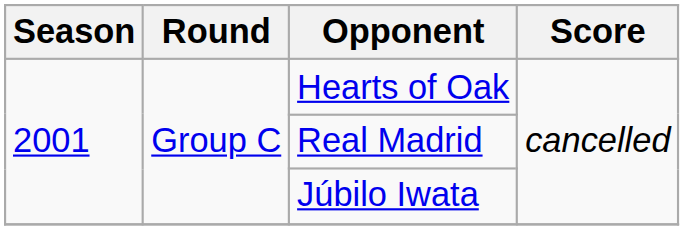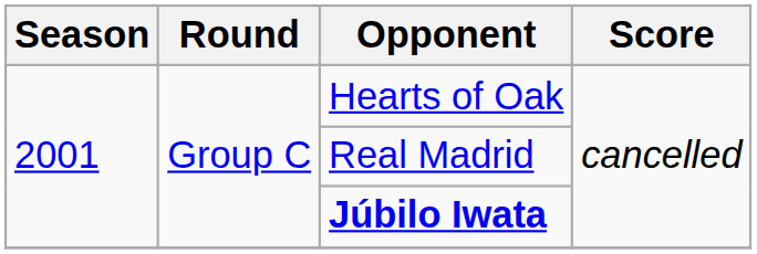 <table class="wikitable">
 <tr>
 <th>Season</th>
 <th>Round</th>
 <th>Opponent</th>
 <th>Score</th>
 </tr>
 <tr>
 <td rowspan="3"><a href='#'>2001</a></td>
 <td rowspan="3"><a href='#'>Group C</a></td>
 <td> <a href='#'>Hearts of Oak</a></td>
 <td rowspan="3"><em>cancelled</em></td>
 </tr>
 <tr>
 <td> <a href='#'>Real Madrid</a></td>
 </tr>
 <tr>
-<td> <a href='#'>Júbilo Iwata</a></td>
+<td><strong> <a href='#'>Júbilo Iwata</a></strong></td>
 </tr>
 <tr>
 </tr>
 </table>
